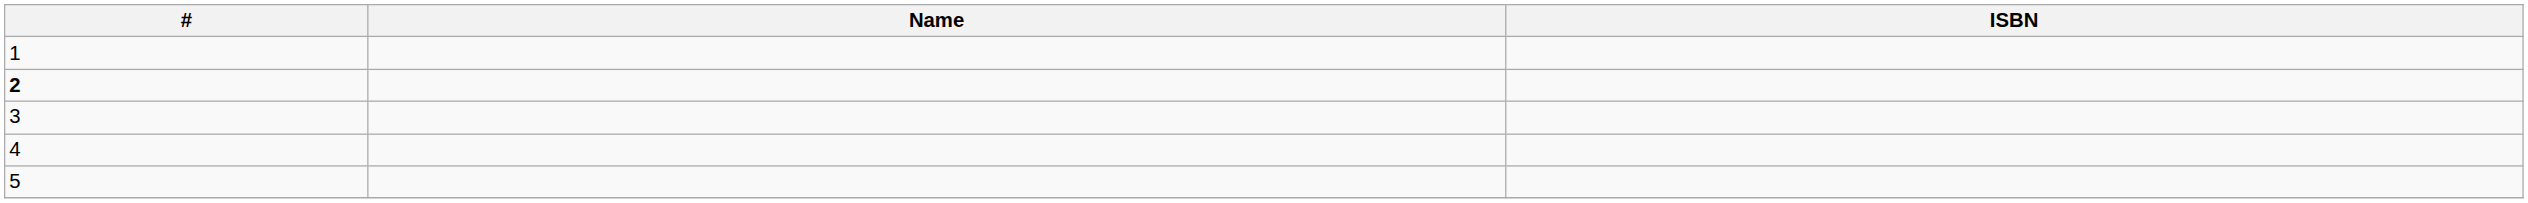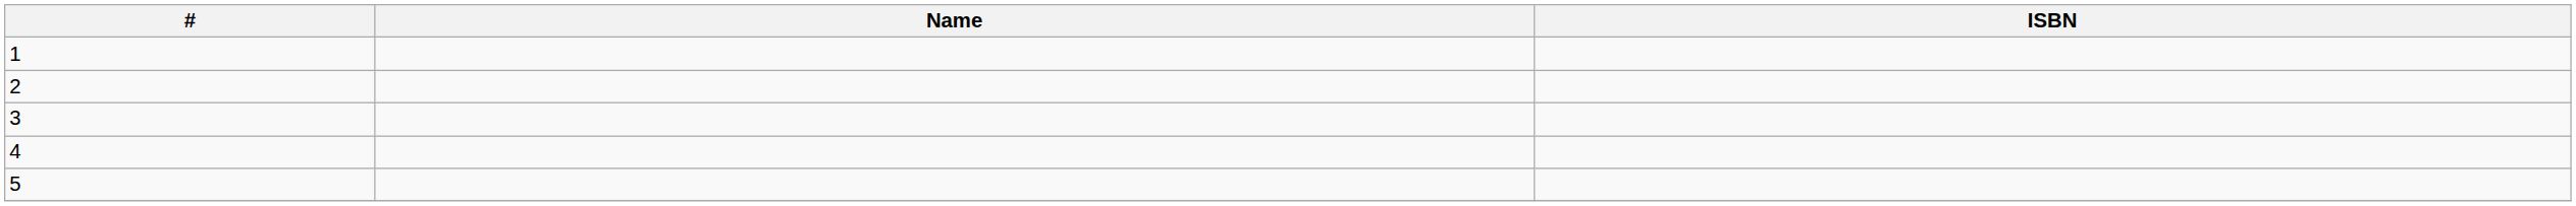 <table class="wikitable" width="100%">
 <tr>
 <th>#</th>
 <th>Name</th>
 <th>ISBN</th>
 </tr>
 <tr>
 <td>1</td>
 <td></td>
 <td><small></small></td>
 </tr>
 <tr>
-<td><strong>2</strong></td>
+<td>2</td>
 <td></td>
 <td><small></small></td>
 </tr>
 <tr>
 <td>3</td>
 <td></td>
 <td><small></small></td>
 </tr>
 <tr>
 <td>4</td>
 <td></td>
 <td><small></small></td>
 </tr>
 <tr>
 <td>5</td>
 <td></td>
 <td><small></small></td>
 </tr>
 <tr>
 </tr>
 </table>
